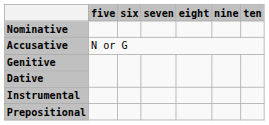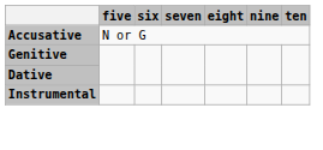 <table class="wikitable" style="display: inline-table;">
 <tr>
 <th></th>
 <th style="background:#C0C0C0">five</th>
 <th style="background:#C0C0C0">six</th>
 <th style="background:#C0C0C0">seven</th>
 <th style="background:#C0C0C0">eight</th>
 <th style="background:#C0C0C0">nine</th>
 <th style="background:#C0C0C0">ten</th>
-</tr>
-<tr>
-<td style="background:#C0C0C0"><strong>Nominative</strong></td>
-<td></td>
-<td></td>
-<td></td>
-<td></td>
-<td></td>
-<td></td>
 </tr>
 <tr>
 <td style="background:#C0C0C0"><strong>Accusative</strong></td>
 <td colspan="6">N or G</td>
 </tr>
 <tr>
 <td style="background:#C0C0C0"><strong>Genitive</strong></td>
 <td rowspan="2"></td>
 <td rowspan="2"></td>
 <td rowspan="2"></td>
 <td rowspan="2"></td>
 <td rowspan="2"></td>
 <td rowspan="2"></td>
 </tr>
 <tr>
 <td style="background:#C0C0C0"><strong>Dative</strong></td>
 </tr>
 <tr>
 <td style="background:#C0C0C0"><strong>Instrumental</strong></td>
 <td></td>
 <td></td>
 <td></td>
 <td></td>
 <td></td>
 <td></td>
 </tr>
-<tr>
-<td style="background:#C0C0C0"><strong>Prepositional</strong></td>
-<td></td>
-<td></td>
-<td></td>
-<td></td>
-<td></td>
-<td></td>
-</tr>
 </table>
